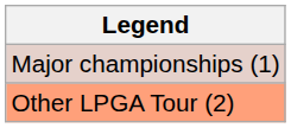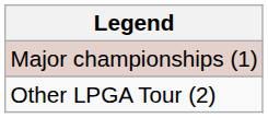 <table class="wikitable" style="font-size:95%;">
 <tr>
 <th>Legend</th>
 </tr>
 <tr style="background:#e5d1cb;">
 <td>Major championships (1)</td>
 </tr>
 <tr>
-<td style="background: lightsalmon;">Other LPGA Tour (2)</td>
+<td>Other LPGA Tour (2)</td>
 </tr>
 </table>
